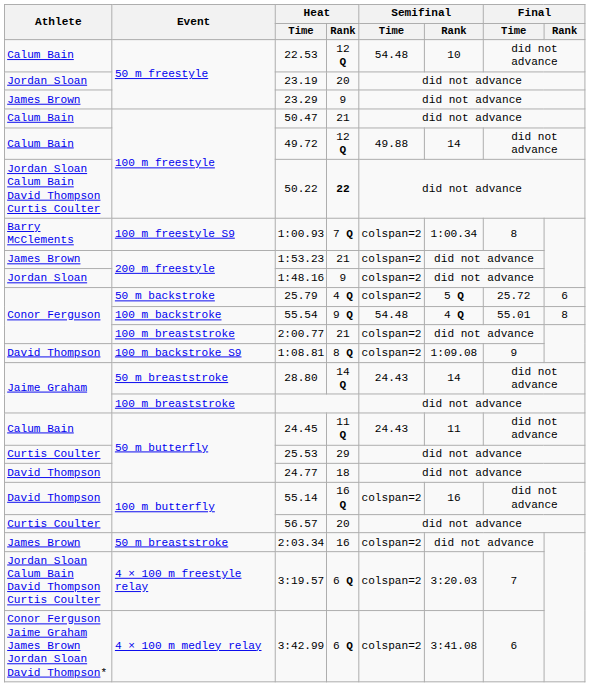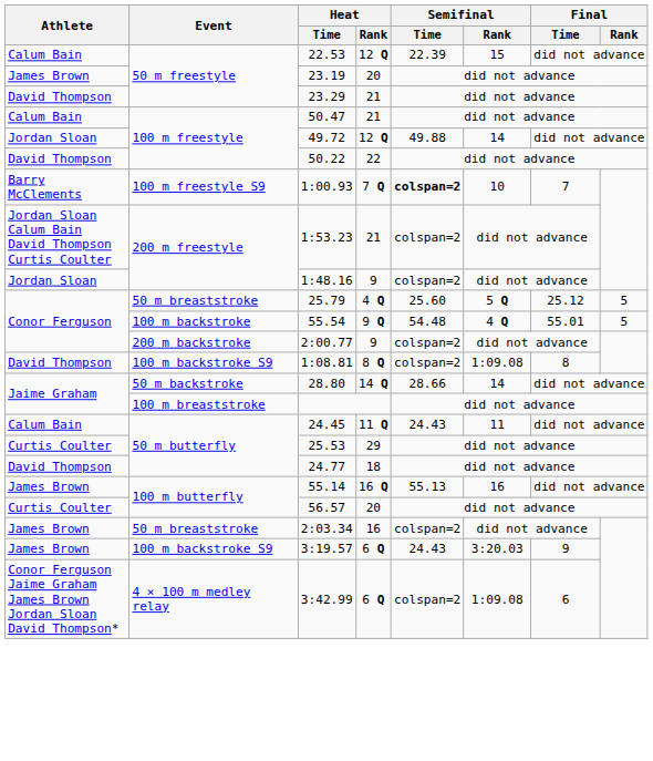 <table class=wikitable style=font-size:90%>
 <tr>
 <th rowspan=2>Athlete</th>
 <th rowspan=2>Event</th>
 <th colspan=2>Heat</th>
 <th colspan=2>Semifinal</th>
 <th colspan=2>Final</th>
 </tr>
 <tr style=font-size:95%>
 <th>Time</th>
 <th>Rank</th>
 <th>Time</th>
 <th>Rank</th>
 <th>Time</th>
 <th>Rank</th>
 </tr>
 <tr align=center>
 <td align=left><a href='#'>Calum Bain</a></td>
 <td align=left rowspan=3><a href='#'>50 m freestyle</a></td>
 <td>22.53</td>
 <td>12 <strong>Q</strong></td>
-<td>54.48</td>
-<td>10</td>
+<td>22.39</td>
+<td>15</td>
 <td colspan=2>did not advance</td>
 </tr>
 <tr align=center>
-<td align=left><a href='#'>Jordan Sloan</a></td>
+<td align=left><a href='#'>James Brown</a></td>
 <td>23.19</td>
 <td>20</td>
 <td colspan=4>did not advance</td>
 </tr>
 <tr align=center>
-<td align=left><a href='#'>James Brown</a></td>
+<td align=left><a href='#'>David Thompson</a></td>
 <td>23.29</td>
-<td>9</td>
+<td>21</td>
 <td colspan=4>did not advance</td>
 </tr>
 <tr align=center>
 <td align=left><a href='#'>Calum Bain</a></td>
 <td align=left rowspan=3><a href='#'>100 m freestyle</a></td>
 <td>50.47</td>
 <td>21</td>
 <td Colspan=4>did not advance</td>
 </tr>
 <tr align=center>
-<td align=left><a href='#'>Calum Bain</a></td>
+<td align=left><a href='#'>Jordan Sloan</a></td>
 <td>49.72</td>
 <td>12 <strong>Q</strong></td>
 <td>49.88</td>
 <td>14</td>
 <td Colspan=2>did not advance</td>
 </tr>
 <tr align=center>
-<td align=left><a href='#'>Jordan Sloan</a><br><a href='#'>Calum Bain</a><br><a href='#'>David Thompson</a><br><a href='#'>Curtis Coulter</a></td>
+<td align=left><a href='#'>David Thompson</a></td>
 <td>50.22</td>
-<td><strong>22</strong></td>
+<td>22</td>
 <td Colspan=4>did not advance</td>
 </tr>
 <tr align=center>
 <td align=left><a href='#'>Barry McClements</a></td>
 <td align=left><a href='#'>100 m freestyle S9</a></td>
 <td>1:00.93</td>
 <td>7 <strong>Q</strong></td>
-<td>colspan=2 </td>
-<td>1:00.34</td>
-<td>8</td>
+<td><strong>colspan=2 </strong></td>
+<td>10</td>
+<td>7</td>
 </tr>
 <tr align=center>
-<td align=left><a href='#'>James Brown</a></td>
+<td align=left><a href='#'>Jordan Sloan</a><br><a href='#'>Calum Bain</a><br><a href='#'>David Thompson</a><br><a href='#'>Curtis Coulter</a></td>
 <td align=left rowspan=2><a href='#'>200 m freestyle</a></td>
 <td>1:53.23</td>
 <td>21</td>
 <td>colspan=2 </td>
 <td colspan=2>did not advance</td>
 </tr>
 <tr align=center>
 <td align=left><a href='#'>Jordan Sloan</a></td>
 <td>1:48.16</td>
 <td>9</td>
 <td>colspan=2 </td>
 <td colspan=2>did not advance</td>
 </tr>
 <tr align=center>
 <td align=left rowspan=3><a href='#'>Conor Ferguson</a></td>
-<td align=left><a href='#'>50 m backstroke</a></td>
+<td align=left><a href='#'>50 m breaststroke</a></td>
 <td>25.79</td>
 <td>4 <strong>Q</strong></td>
-<td>colspan=2 </td>
+<td>25.60</td>
 <td>5 <strong>Q</strong></td>
-<td>25.72</td>
-<td>6</td>
+<td>25.12</td>
+<td>5</td>
 </tr>
 <tr align=center>
 <td align=left><a href='#'>100 m backstroke</a></td>
 <td>55.54</td>
 <td>9 <strong>Q</strong></td>
 <td>54.48</td>
 <td>4 <strong>Q</strong></td>
 <td>55.01</td>
-<td>8</td>
+<td>5</td>
 </tr>
 <tr align=center>
-<td align=left><a href='#'>100 m breaststroke</a></td>
+<td align=left><a href='#'>200 m backstroke</a></td>
 <td>2:00.77</td>
-<td>21</td>
+<td>9</td>
 <td>colspan=2 </td>
 <td colspan=2>did not advance</td>
 </tr>
 <tr align=center>
 <td align=left><a href='#'>David Thompson</a></td>
 <td align=left><a href='#'>100 m backstroke S9</a></td>
 <td>1:08.81</td>
 <td>8 <strong>Q</strong></td>
 <td>colspan=2 </td>
 <td>1:09.08</td>
-<td>9</td>
+<td>8</td>
 </tr>
 <tr align=center>
 <td align=left rowspan=2><a href='#'>Jaime Graham</a></td>
-<td align=left><a href='#'>50 m breaststroke</a></td>
+<td align=left><a href='#'>50 m backstroke</a></td>
 <td>28.80</td>
 <td>14 <strong>Q</strong></td>
-<td>24.43</td>
+<td>28.66</td>
 <td>14</td>
 <td colspan=2>did not advance</td>
 </tr>
 <tr align=center>
 <td align=left><a href='#'>100 m breaststroke</a></td>
 <td colspan=2></td>
 <td colspan=4>did not advance</td>
 </tr>
 <tr align=center>
 <td align=left><a href='#'>Calum Bain</a></td>
 <td align=left rowspan=3><a href='#'>50 m butterfly</a></td>
 <td>24.45</td>
 <td>11 <strong>Q</strong></td>
 <td>24.43</td>
 <td>11</td>
 <td colspan=2>did not advance</td>
 </tr>
 <tr align=center>
 <td align=left><a href='#'>Curtis Coulter</a></td>
 <td>25.53</td>
 <td>29</td>
 <td colspan=4>did not advance</td>
 </tr>
 <tr align=center>
 <td align=left><a href='#'>David Thompson</a></td>
 <td>24.77</td>
 <td>18</td>
 <td colspan=4>did not advance</td>
 </tr>
 <tr align=center>
-<td align=left><a href='#'>David Thompson</a></td>
+<td align=left><a href='#'>James Brown</a></td>
 <td align=left rowspan=2><a href='#'>100 m butterfly</a></td>
 <td>55.14</td>
 <td>16 <strong>Q</strong></td>
-<td>colspan=2 </td>
+<td>55.13</td>
 <td>16</td>
 <td colspan=2>did not advance</td>
 </tr>
 <tr align=center>
 <td align=left><a href='#'>Curtis Coulter</a></td>
 <td>56.57</td>
 <td>20</td>
 <td colspan=4>did not advance</td>
 </tr>
 <tr align=center>
 <td align=left><a href='#'>James Brown</a></td>
 <td align=left><a href='#'>50 m breaststroke</a></td>
 <td>2:03.34</td>
 <td>16</td>
 <td>colspan=2 </td>
 <td colspan=2>did not advance</td>
 </tr>
 <tr align=center>
-<td align=left><a href='#'>Jordan Sloan</a><br><a href='#'>Calum Bain</a><br><a href='#'>David Thompson</a><br><a href='#'>Curtis Coulter</a></td>
-<td align=left><a href='#'>4 × 100 m freestyle relay</a></td>
+<td align=left><a href='#'>James Brown</a></td>
+<td align=left><a href='#'>100 m backstroke S9</a></td>
 <td>3:19.57</td>
 <td>6 <strong>Q</strong></td>
-<td>colspan=2 </td>
+<td>24.43</td>
 <td>3:20.03</td>
-<td>7</td>
+<td>9</td>
 </tr>
 <tr align=center>
 <td align=left><a href='#'>Conor Ferguson</a><br><a href='#'>Jaime Graham</a><br><a href='#'>James Brown</a><br><a href='#'>Jordan Sloan</a><br><a href='#'>David Thompson</a>*</td>
 <td align=left><a href='#'>4 × 100 m medley relay</a></td>
 <td>3:42.99</td>
 <td>6 <strong>Q</strong></td>
 <td>colspan=2 </td>
-<td>3:41.08</td>
+<td>1:09.08</td>
 <td>6</td>
 </tr>
 </table>
